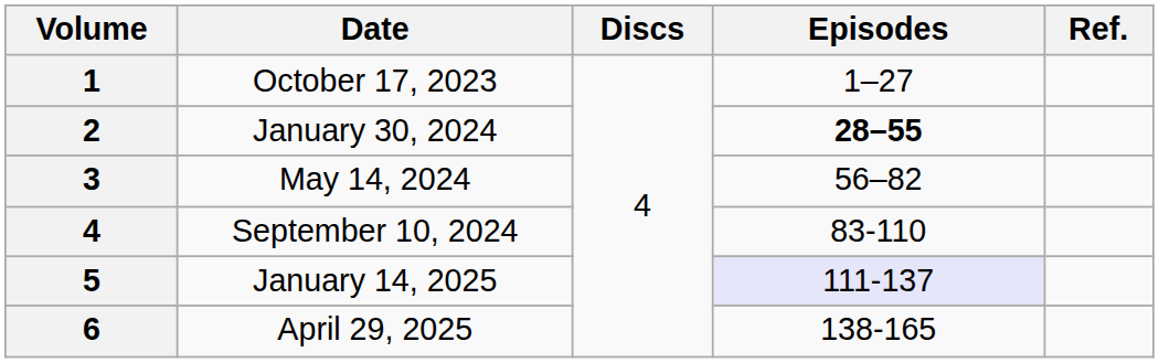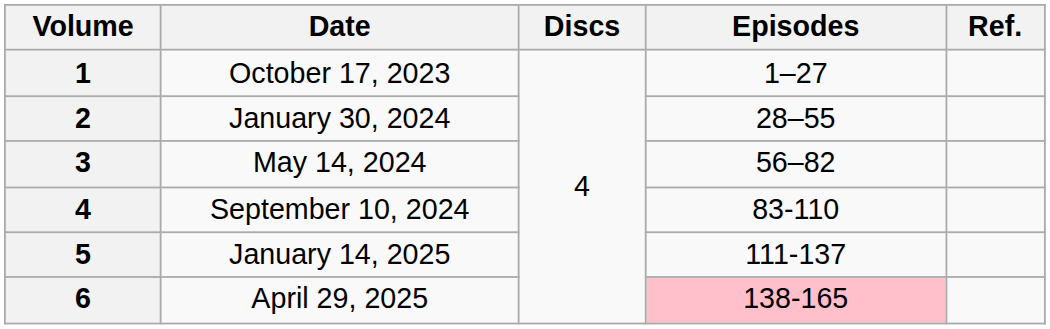 <table class="wikitable" style="text-align:center;">
 <tr>
 <th scope="col" style="width:5em;">Volume</th>
 <th scope="col" style="width:12em;">Date</th>
 <th scope="col" style="width:4em;">Discs</th>
 <th scope="col" style="width:10em;">Episodes</th>
 <th scope="col" style="width:3em;">Ref.</th>
 </tr>
 <tr>
 <th scope="row">1</th>
 <td>October 17, 2023</td>
 <td rowspan="6">4</td>
 <td>1–27</td>
 <td></td>
 </tr>
 <tr>
 <th scope="row">2</th>
 <td>January 30, 2024</td>
-<td><strong>28–55</strong></td>
+<td>28–55</td>
 <td></td>
 </tr>
 <tr>
 <th scope="row">3</th>
 <td>May 14, 2024</td>
 <td>56–82</td>
 <td></td>
 </tr>
 <tr>
 <th scope="row">4</th>
 <td>September 10, 2024</td>
 <td>83-110</td>
 <td></td>
 </tr>
 <tr>
 <th scope="row">5</th>
 <td>January 14, 2025</td>
-<td style="background: lavender;">111-137</td>
+<td>111-137</td>
 <td></td>
 </tr>
 <tr>
 <th scope="row">6</th>
 <td>April 29, 2025</td>
-<td>138-165</td>
+<td style="background: pink;">138-165</td>
 <td></td>
 </tr>
 </table>
